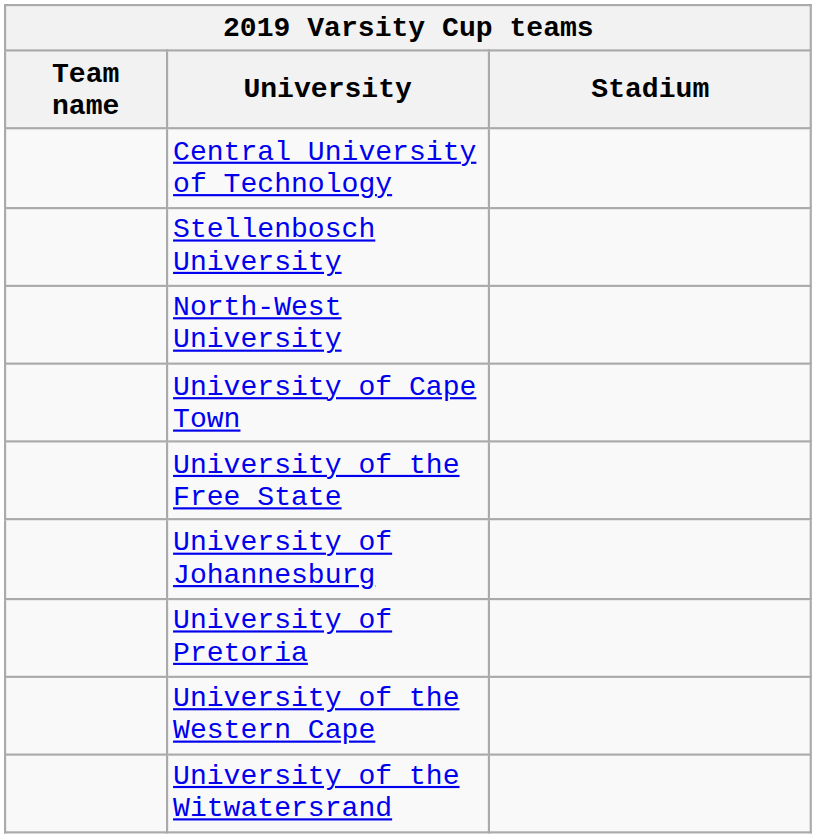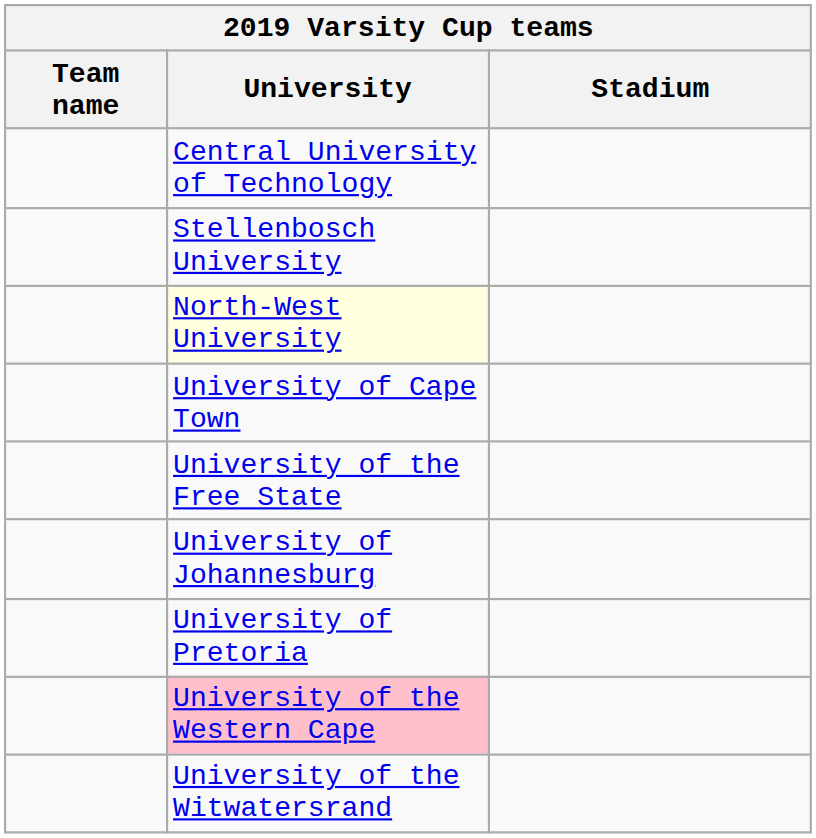 <table class="wikitable collapsible sortable" style="text-align:left; width:60%;">
 <tr>
 <th colspan="100%" align=center>2019 Varsity Cup teams</th>
 </tr>
 <tr>
 <th width="20%">Team name</th>
 <th width="40%">University</th>
 <th width="40%">Stadium</th>
 </tr>
 <tr>
 <td></td>
 <td><a href='#'>Central University of Technology</a></td>
 <td></td>
 </tr>
 <tr>
 <td></td>
 <td><a href='#'>Stellenbosch University</a></td>
 <td></td>
 </tr>
 <tr>
 <td></td>
-<td><a href='#'>North-West University</a></td>
+<td style="background: lightyellow;"><a href='#'>North-West University</a></td>
 <td></td>
 </tr>
 <tr>
 <td></td>
 <td><a href='#'>University of Cape Town</a></td>
 <td></td>
 </tr>
 <tr>
 <td></td>
 <td><a href='#'>University of the Free State</a></td>
 <td></td>
 </tr>
 <tr>
 <td></td>
 <td><a href='#'>University of Johannesburg</a></td>
 <td></td>
 </tr>
 <tr>
 <td></td>
 <td><a href='#'>University of Pretoria</a></td>
 <td></td>
 </tr>
 <tr>
 <td></td>
-<td><a href='#'>University of the Western Cape</a></td>
+<td style="background: pink;"><a href='#'>University of the Western Cape</a></td>
 <td></td>
 </tr>
 <tr>
 <td></td>
 <td><a href='#'>University of the Witwatersrand</a></td>
 <td></td>
 </tr>
 </table>
